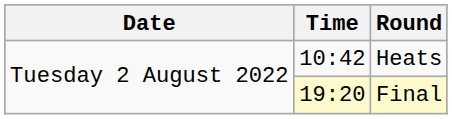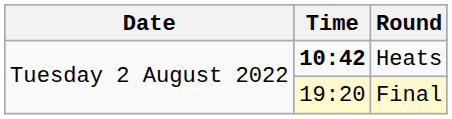 <table class="wikitable">
 <tr>
 <th>Date</th>
 <th>Time</th>
 <th>Round</th>
 </tr>
 <tr>
 <td rowspan=2>Tuesday 2 August 2022</td>
-<td>10:42</td>
+<td><strong>10:42</strong></td>
 <td>Heats</td>
 </tr>
 <tr>
 <td style=background:lemonchiffon>19:20</td>
 <td style=background:lemonchiffon>Final</td>
 </tr>
 </table>
